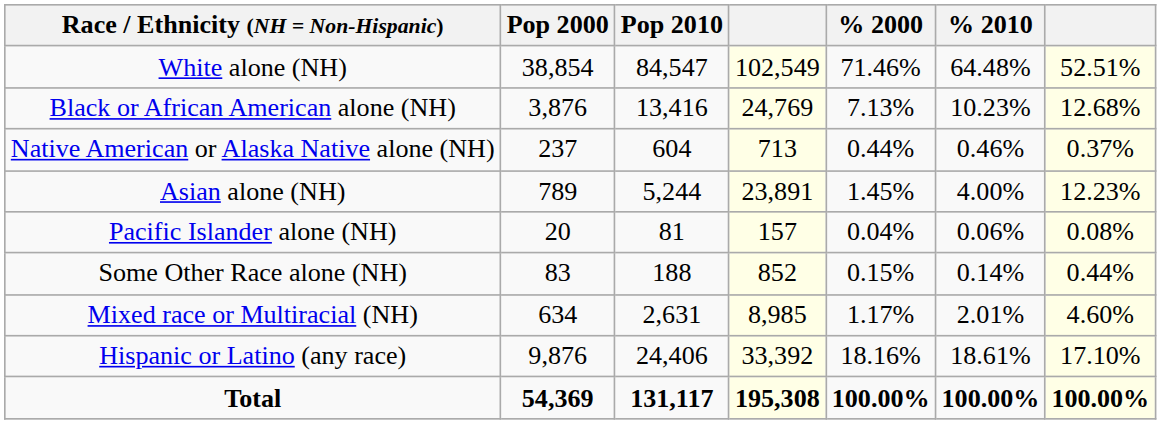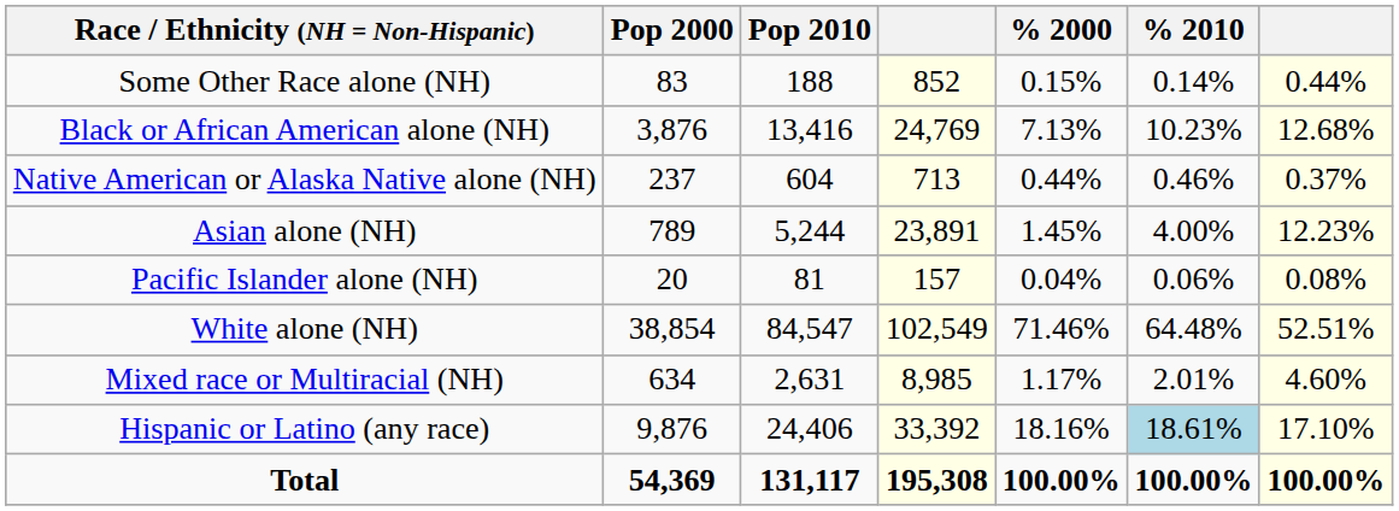 <table class="wikitable" style="text-align:center;">
 <tr>
 <th>Race / Ethnicity <small>(<em>NH = Non-Hispanic</em>)</small></th>
 <th>Pop 2000</th>
 <th>Pop 2010</th>
 <th></th>
 <th>% 2000</th>
 <th>% 2010</th>
 <th></th>
 </tr>
 <tr>
-<td><a href='#'>White</a> alone (NH)</td>
-<td>38,854</td>
-<td>84,547</td>
-<td style='background: #ffffe6;'>102,549</td>
-<td>71.46%</td>
-<td>64.48%</td>
-<td style='background: #ffffe6;'>52.51%</td>
+<td>Some Other Race alone (NH)</td>
+<td>83</td>
+<td>188</td>
+<td style='background: #ffffe6;'>852</td>
+<td>0.15%</td>
+<td>0.14%</td>
+<td style='background: #ffffe6;'>0.44%</td>
 </tr>
 <tr>
 <td><a href='#'>Black or African American</a> alone (NH)</td>
 <td>3,876</td>
 <td>13,416</td>
 <td style='background: #ffffe6;'>24,769</td>
 <td>7.13%</td>
 <td>10.23%</td>
 <td style='background: #ffffe6;'>12.68%</td>
 </tr>
 <tr>
 <td><a href='#'>Native American</a> or <a href='#'>Alaska Native</a> alone (NH)</td>
 <td>237</td>
 <td>604</td>
 <td style='background: #ffffe6;'>713</td>
 <td>0.44%</td>
 <td>0.46%</td>
 <td style='background: #ffffe6;'>0.37%</td>
 </tr>
 <tr>
 <td><a href='#'>Asian</a> alone (NH)</td>
 <td>789</td>
 <td>5,244</td>
 <td style='background: #ffffe6;'>23,891</td>
 <td>1.45%</td>
 <td>4.00%</td>
 <td style='background: #ffffe6;'>12.23%</td>
 </tr>
 <tr>
 <td><a href='#'>Pacific Islander</a> alone (NH)</td>
 <td>20</td>
 <td>81</td>
 <td style='background: #ffffe6;'>157</td>
 <td>0.04%</td>
 <td>0.06%</td>
 <td style='background: #ffffe6;'>0.08%</td>
 </tr>
 <tr>
-<td>Some Other Race alone (NH)</td>
-<td>83</td>
-<td>188</td>
-<td style='background: #ffffe6;'>852</td>
-<td>0.15%</td>
-<td>0.14%</td>
-<td style='background: #ffffe6;'>0.44%</td>
+<td><a href='#'>White</a> alone (NH)</td>
+<td>38,854</td>
+<td>84,547</td>
+<td style='background: #ffffe6;'>102,549</td>
+<td>71.46%</td>
+<td>64.48%</td>
+<td style='background: #ffffe6;'>52.51%</td>
 </tr>
 <tr>
 <td><a href='#'>Mixed race or Multiracial</a> (NH)</td>
 <td>634</td>
 <td>2,631</td>
 <td style='background: #ffffe6;'>8,985</td>
 <td>1.17%</td>
 <td>2.01%</td>
 <td style='background: #ffffe6;'>4.60%</td>
 </tr>
 <tr>
 <td><a href='#'>Hispanic or Latino</a> (any race)</td>
 <td>9,876</td>
 <td>24,406</td>
 <td style='background: #ffffe6;'>33,392</td>
 <td>18.16%</td>
-<td>18.61%</td>
+<td style="background: lightblue;">18.61%</td>
 <td style='background: #ffffe6;'>17.10%</td>
 </tr>
 <tr>
 <td><strong>Total</strong></td>
 <td><strong>54,369</strong></td>
 <td><strong>131,117</strong></td>
 <td style='background: #ffffe6;'><strong>195,308</strong></td>
 <td><strong>100.00%</strong></td>
 <td><strong>100.00%</strong></td>
 <td style='background: #ffffe6;'><strong>100.00%</strong></td>
 </tr>
 </table>
